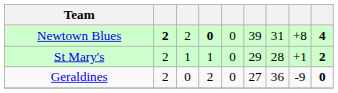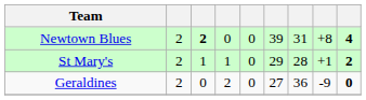 <table class="wikitable" style="text-align:center">
 <tr>
 <th style="width:175px;">Team</th>
 <th width="20"></th>
 <th width="20"></th>
 <th width="20"></th>
 <th width="20"></th>
 <th width="20"></th>
 <th width="20"></th>
 <th width="20"></th>
 <th width="20"></th>
 </tr>
 <tr style="background:#cfc;">
 <td><a href='#'>Newtown Blues</a></td>
+<td>2</td>
 <td><strong>2</strong></td>
-<td>2</td>
-<td><strong>0</strong></td>
+<td>0</td>
 <td>0</td>
 <td>39</td>
 <td>31</td>
 <td>+8</td>
 <td><strong>4</strong></td>
 </tr>
 <tr style="background:#cfc;">
 <td><a href='#'>St Mary's</a></td>
 <td>2</td>
 <td>1</td>
 <td>1</td>
 <td>0</td>
 <td>29</td>
 <td>28</td>
 <td>+1</td>
 <td><strong>2</strong></td>
 </tr>
 <tr>
 <td><a href='#'>Geraldines</a></td>
 <td>2</td>
 <td>0</td>
 <td>2</td>
 <td>0</td>
 <td>27</td>
 <td>36</td>
 <td>-9</td>
 <td><strong>0</strong></td>
 </tr>
 <tr>
 </tr>
 </table>
